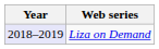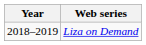 <table class="wikitable sortable Wikitable">
 <tr>
 <th>Year</th>
 <th>Web series</th>
 </tr>
 <tr>
-<td style="background: lavender;">2018–2019</td>
+<td>2018–2019</td>
 <td><em><a href='#'>Liza on Demand</a></em></td>
 </tr>
 </table>
